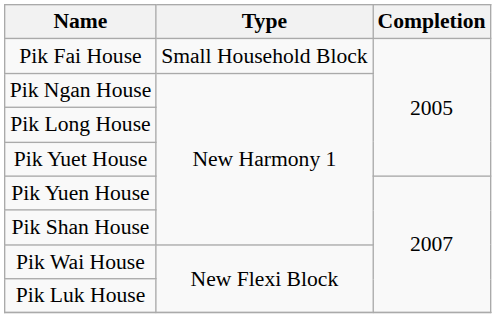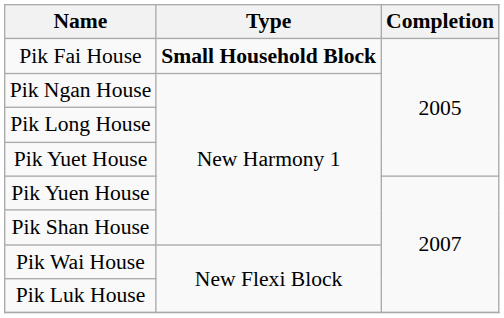 <table class="wikitable" style="text-align: center">
 <tr>
 <th>Name</th>
 <th>Type</th>
 <th>Completion</th>
 </tr>
 <tr>
 <td>Pik Fai House</td>
-<td rowspan="1">Small Household Block</td>
+<td rowspan="1"><strong>Small Household Block</strong></td>
 <td rowspan="4">2005</td>
 </tr>
 <tr>
 <td>Pik Ngan House</td>
 <td rowspan="5">New Harmony 1</td>
 </tr>
 <tr>
 <td>Pik Long House</td>
 </tr>
 <tr>
 <td>Pik Yuet House</td>
 </tr>
 <tr>
 <td>Pik Yuen House</td>
 <td rowspan="4">2007</td>
 </tr>
 <tr>
 <td>Pik Shan House</td>
 </tr>
 <tr>
 <td>Pik Wai House</td>
 <td rowspan="2">New Flexi Block</td>
 </tr>
 <tr>
 <td>Pik Luk House</td>
 </tr>
 <tr>
 </tr>
 </table>
